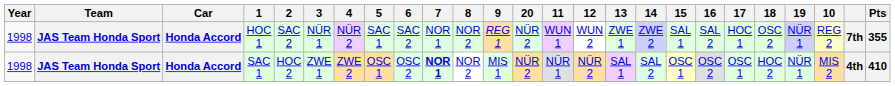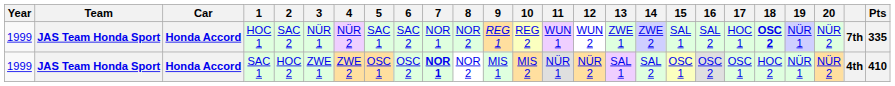 <table class="wikitable" style="text-align:center; font-size:85%">
 <tr>
 <th>Year</th>
 <th>Team</th>
 <th>Car</th>
 <th>1</th>
 <th>2</th>
 <th>3</th>
 <th>4</th>
 <th>5</th>
 <th>6</th>
 <th>7</th>
 <th>8</th>
 <th>9</th>
-<th>20</th>
+<th>10</th>
 <th>11</th>
 <th>12</th>
 <th>13</th>
 <th>14</th>
 <th>15</th>
 <th>16</th>
 <th>17</th>
 <th>18</th>
 <th>19</th>
-<th>10</th>
+<th>20</th>
 <th></th>
 <th>Pts</th>
 </tr>
 <tr>
-<td><a href='#'>1998</a></td>
+<td><a href='#'>1999</a></td>
 <th nowrap><a href='#'>JAS Team Honda Sport</a></th>
 <th nowrap><a href='#'>Honda Accord</a></th>
 <td style="background:#DFFFDF;"><a href='#'>HOC<br>1</a><br></td>
 <td style="background:#DFFFDF;"><a href='#'>SAC<br>2</a><br></td>
 <td style="background:#DFFFDF;"><a href='#'>NÜR<br>1</a><br></td>
 <td style="background:#EFCFFF;"><a href='#'>NÜR<br>2</a><br></td>
 <td style="background:#DFFFDF;"><a href='#'>SAC<br>1</a><br></td>
 <td style="background:#DFFFDF;"><a href='#'>SAC<br>2</a><br></td>
 <td style="background:#DFFFDF;"><a href='#'>NOR<br>1</a><br></td>
 <td style="background:#DFFFDF;"><a href='#'>NOR<br>2</a><br></td>
 <td style="background:#FFDF9F;"><em><a href='#'>REG<br>1</a></em><br></td>
-<td style="background:#DFFFDF;"><a href='#'>NÜR<br>2</a><br></td>
+<td style="background:#FBFFBF;"><a href='#'>REG<br>2</a><br></td>
 <td style="background:#EFCFFF;"><a href='#'>WUN<br>1</a><br></td>
 <td style="background:#FFFFFF;"><a href='#'>WUN<br>2</a><br></td>
 <td style="background:#DFFFDF;"><a href='#'>ZWE<br>1</a><br></td>
 <td style="background:#CFCFFF;"><a href='#'>ZWE<br>2</a><br></td>
 <td style="background:#DFFFDF;"><a href='#'>SAL<br>1</a><br></td>
 <td style="background:#DFFFDF;"><a href='#'>SAL<br>2</a><br></td>
 <td style="background:#DFFFDF;"><a href='#'>HOC<br>1</a><br></td>
-<td style="background:#DFFFDF;"><a href='#'>OSC<br>2</a><br></td>
+<td style="background:#DFFFDF;"><strong><a href='#'>OSC<br>2</a><br></strong></td>
 <td style="background:#CFCFFF;"><a href='#'>NÜR<br>1</a><br></td>
-<td style="background:#FBFFBF;"><a href='#'>REG<br>2</a><br></td>
+<td style="background:#DFFFDF;"><a href='#'>NÜR<br>2</a><br></td>
 <th>7th</th>
-<th>355</th>
+<th>335</th>
 </tr>
 <tr>
-<td><a href='#'>1998</a></td>
+<td><a href='#'>1999</a></td>
 <th nowrap><a href='#'>JAS Team Honda Sport</a></th>
 <th nowrap><a href='#'>Honda Accord</a></th>
 <td style="background:#DFFFDF;"><a href='#'>SAC<br>1</a><br></td>
 <td style="background:#DFFFDF;"><a href='#'>HOC<br>2</a><br></td>
 <td style="background:#DFFFDF;"><a href='#'>ZWE<br>1</a><br></td>
 <td style="background:#FFDF9F;"><a href='#'>ZWE<br>2</a><br></td>
 <td style="background:#FFDF9F;"><a href='#'>OSC<br>1</a><br></td>
 <td style="background:#DFFFDF;"><a href='#'>OSC<br>2</a><br></td>
 <td style="background:#DFFFDF;"><strong><a href='#'>NOR<br>1</a><br></strong></td>
 <td style="background:#FFFFFF;"><a href='#'>NOR<br>2</a><br></td>
 <td style="background:#DFFFDF;"><a href='#'>MIS<br>1</a><br></td>
-<td style="background:#FFDF9F;"><a href='#'>NÜR<br>2</a><br></td>
+<td style="background:#FFDF9F;"><a href='#'>MIS<br>2</a><br></td>
 <td style="background:#DFDFDF;"><a href='#'>NÜR<br>1</a><br></td>
 <td style="background:#FFDF9F;"><a href='#'>NÜR<br>2</a><br></td>
 <td style="background:#EFCFFF;"><a href='#'>SAL<br>1</a><br></td>
 <td style="background:#DFFFDF;"><a href='#'>SAL<br>2</a><br></td>
 <td style="background:#FBFFBF;"><a href='#'>OSC<br>1</a><br></td>
 <td style="background:#DFDFDF;"><a href='#'>OSC<br>2</a><br></td>
 <td style="background:#DFFFDF;"><a href='#'>OSC<br>1</a><br></td>
 <td style="background:#DFFFDF;"><a href='#'>HOC<br>2</a><br></td>
 <td style="background:#DFFFDF;"><a href='#'>NÜR<br>1</a><br></td>
-<td style="background:#FFDF9F;"><a href='#'>MIS<br>2</a><br></td>
+<td style="background:#FFDF9F;"><a href='#'>NÜR<br>2</a><br></td>
 <th>4th</th>
 <th>410</th>
 </tr>
 </table>
